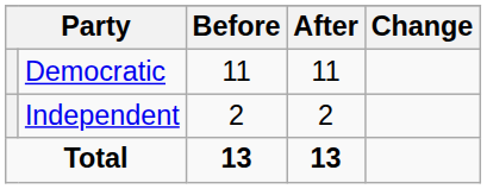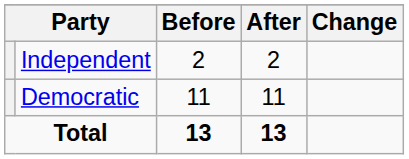 <table class="wikitable" style="text-align:center;">
 <tr>
 </tr>
 <tr>
 <th colspan=2>Party</th>
 <th>Before</th>
 <th>After</th>
 <th>Change</th>
 </tr>
 <tr>
 <th style="background-color:"></th>
-<td style="text-align:left;"><a href='#'>Democratic</a></td>
-<td>11</td>
-<td>11</td>
+<td style="text-align:left;"><a href='#'>Independent</a></td>
+<td>2</td>
+<td>2</td>
 <td></td>
 </tr>
 <tr>
 <th style="background-color:"></th>
-<td style="text-align:left;"><a href='#'>Independent</a></td>
-<td>2</td>
-<td>2</td>
+<td style="text-align:left;"><a href='#'>Democratic</a></td>
+<td>11</td>
+<td>11</td>
 <td></td>
 </tr>
 <tr>
 <td colspan=2><strong>Total</strong></td>
 <td><strong>13</strong></td>
 <td><strong>13</strong></td>
 <td></td>
 </tr>
 </table>
